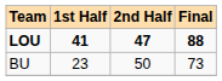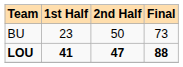 <table class="wikitable" align=right>
 <tr bgcolor=#ffdead align=center>
 <td><strong>Team</strong></td>
 <td><strong>1st Half</strong></td>
 <td><strong>2nd Half</strong></td>
 <td><strong>Final</strong></td>
 </tr>
 <tr>
+<td>BU</td>
+<td align=center>23</td>
+<td align=center>50</td>
+<td align=center>73</td>
+</tr>
+<tr>
 <td><strong>LOU</strong></td>
 <td align=center><strong>41</strong></td>
 <td align=center><strong>47</strong></td>
 <td align=center><strong>88</strong></td>
 </tr>
 <tr>
-<td>BU</td>
-<td align=center>23</td>
-<td align=center>50</td>
-<td align=center>73</td>
-</tr>
-<tr>
 </tr>
 </table>
